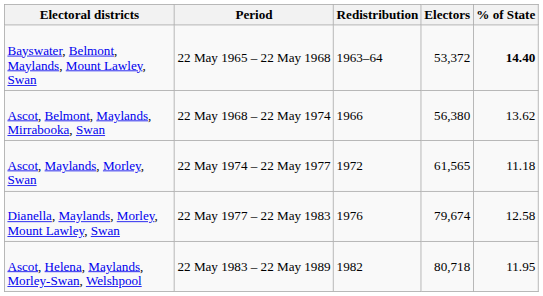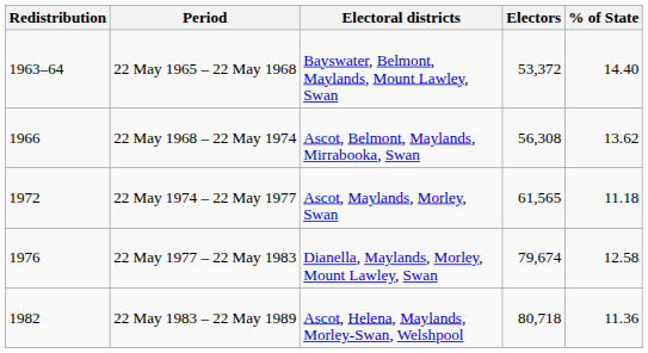 <table class="wikitable">
 <tr>
+<th>Redistribution</th>
+<th>Period</th>
 <th>Electoral districts</th>
-<th>Period</th>
-<th>Redistribution</th>
 <th>Electors</th>
 <th>% of State</th>
 </tr>
 <tr>
+<td>1963–64</td>
+<td>22 May 1965 – 22 May 1968</td>
 <td width = 200><br><a href='#'>Bayswater</a>,  <a href='#'>Belmont</a>,  <a href='#'>Maylands</a>,  <a href='#'>Mount Lawley</a>,  <a href='#'>Swan</a></td>
-<td>22 May 1965 – 22 May 1968</td>
-<td>1963–64</td>
 <td align=right>53,372</td>
-<td align=right><strong>14.40</strong></td>
+<td align=right>14.40</td>
 </tr>
 <tr>
+<td>1966</td>
+<td>22 May 1968 – 22 May 1974</td>
 <td width=200><br><a href='#'>Ascot</a>,  <a href='#'>Belmont</a>,  <a href='#'>Maylands</a>,  <a href='#'>Mirrabooka</a>,  <a href='#'>Swan</a></td>
-<td>22 May 1968 – 22 May 1974</td>
-<td>1966</td>
-<td align=right>56,380</td>
+<td align=right>56,308</td>
 <td align=right>13.62</td>
 </tr>
 <tr>
+<td>1972</td>
+<td>22 May 1974 – 22 May 1977</td>
 <td width=200><br><a href='#'>Ascot</a>,  <a href='#'>Maylands</a>,  <a href='#'>Morley</a>,  <a href='#'>Swan</a></td>
-<td>22 May 1974 – 22 May 1977</td>
-<td>1972</td>
 <td align=right>61,565</td>
 <td align=right>11.18</td>
 </tr>
 <tr>
+<td>1976</td>
+<td>22 May 1977 – 22 May 1983</td>
 <td width=200><br><a href='#'>Dianella</a>,  <a href='#'>Maylands</a>,  <a href='#'>Morley</a>,  <a href='#'>Mount Lawley</a>,  <a href='#'>Swan</a></td>
-<td>22 May 1977 – 22 May 1983</td>
-<td>1976</td>
 <td align=right>79,674</td>
 <td align=right>12.58</td>
 </tr>
 <tr>
+<td>1982</td>
+<td>22 May 1983 – 22 May 1989</td>
 <td width=200><br><a href='#'>Ascot</a>,  <a href='#'>Helena</a>,  <a href='#'>Maylands</a>,  <a href='#'>Morley-Swan</a>, <a href='#'>Welshpool</a></td>
-<td>22 May 1983 – 22 May 1989</td>
-<td>1982</td>
 <td align=right>80,718</td>
-<td align=right>11.95</td>
+<td align=right>11.36</td>
 </tr>
 </table>
